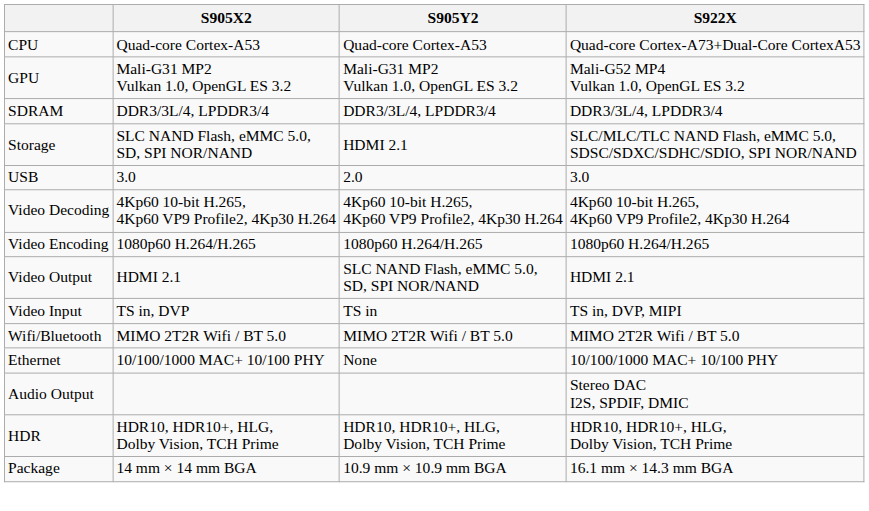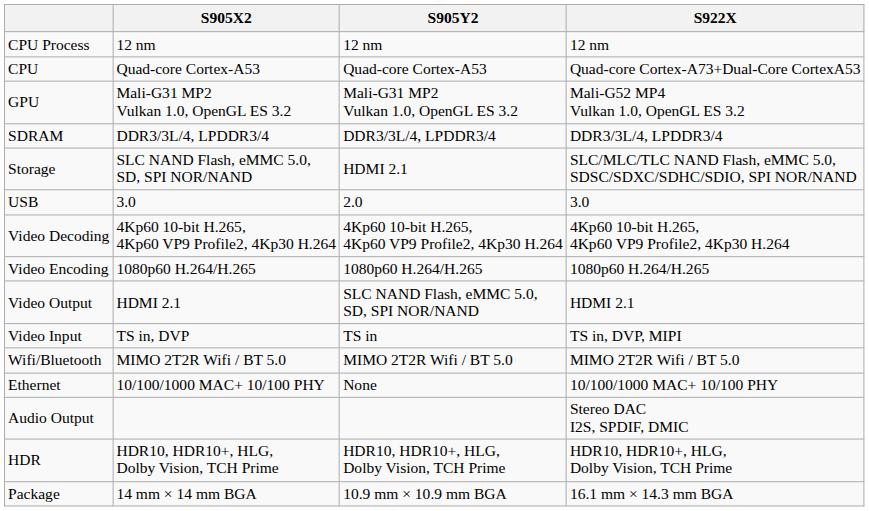 <table class="wikitable sticky-header">
 <tr>
 <th>　</th>
 <th>S905X2</th>
 <th>S905Y2</th>
 <th>S922X</th>
+</tr>
+<tr>
+<td>CPU Process</td>
+<td>12 nm</td>
+<td>12 nm</td>
+<td>12 nm</td>
 </tr>
 <tr>
 <td>CPU</td>
 <td>Quad-core Cortex-A53</td>
 <td>Quad-core Cortex-A53</td>
 <td>Quad-core Cortex-A73+Dual-Core CortexA53</td>
 </tr>
 <tr>
 <td>GPU</td>
 <td>Mali-G31 MP2<br>Vulkan 1.0, OpenGL ES 3.2</td>
 <td>Mali-G31 MP2<br>Vulkan 1.0, OpenGL ES 3.2</td>
 <td>Mali-G52 MP4<br>Vulkan 1.0, OpenGL ES 3.2</td>
 </tr>
 <tr>
 <td>SDRAM</td>
 <td>DDR3/3L/4, LPDDR3/4</td>
 <td>DDR3/3L/4, LPDDR3/4</td>
 <td>DDR3/3L/4, LPDDR3/4</td>
 </tr>
 <tr>
 <td>Storage</td>
 <td>SLC NAND Flash, eMMC 5.0,<br>SD, SPI NOR/NAND</td>
 <td>HDMI 2.1</td>
 <td>SLC/MLC/TLC NAND Flash, eMMC 5.0,<br>SDSC/SDXC/SDHC/SDIO, SPI NOR/NAND</td>
 </tr>
 <tr>
 <td>USB</td>
 <td>3.0</td>
 <td>2.0</td>
 <td>3.0</td>
 </tr>
 <tr>
 <td>Video Decoding</td>
 <td>4Kp60 10-bit H.265,<br>4Kp60 VP9 Profile2, 4Kp30 H.264</td>
 <td>4Kp60 10-bit H.265,<br>4Kp60 VP9 Profile2, 4Kp30 H.264</td>
 <td>4Kp60 10-bit H.265,<br>4Kp60 VP9 Profile2, 4Kp30 H.264</td>
 </tr>
 <tr>
 <td>Video Encoding</td>
 <td>1080p60 H.264/H.265</td>
 <td>1080p60 H.264/H.265</td>
 <td>1080p60 H.264/H.265</td>
 </tr>
 <tr>
 <td>Video Output</td>
 <td>HDMI 2.1</td>
 <td>SLC NAND Flash, eMMC 5.0,<br>SD, SPI NOR/NAND</td>
 <td>HDMI 2.1</td>
 </tr>
 <tr>
 <td>Video Input</td>
 <td>TS in, DVP</td>
 <td>TS in</td>
 <td>TS in, DVP, MIPI</td>
 </tr>
 <tr>
 <td>Wifi/Bluetooth</td>
 <td>MIMO 2T2R Wifi / BT 5.0</td>
 <td>MIMO 2T2R Wifi / BT 5.0</td>
 <td>MIMO 2T2R Wifi / BT 5.0</td>
 </tr>
 <tr>
 <td>Ethernet</td>
 <td>10/100/1000 MAC+ 10/100 PHY</td>
 <td>None</td>
 <td>10/100/1000 MAC+ 10/100 PHY</td>
 </tr>
 <tr>
 <td Audio Output>Audio Output</td>
 <td></td>
 <td></td>
 <td>Stereo DAC<br>I2S, SPDIF, DMIC</td>
 </tr>
 <tr>
 <td>HDR</td>
 <td>HDR10, HDR10+, HLG,<br>Dolby Vision, TCH Prime</td>
 <td>HDR10, HDR10+, HLG,<br>Dolby Vision, TCH Prime</td>
 <td>HDR10, HDR10+, HLG,<br>Dolby Vision, TCH Prime</td>
 </tr>
 <tr>
 <td>Package</td>
 <td>14 mm × 14 mm BGA</td>
 <td>10.9 mm × 10.9 mm BGA</td>
 <td>16.1 mm × 14.3 mm BGA</td>
 </tr>
 </table>
